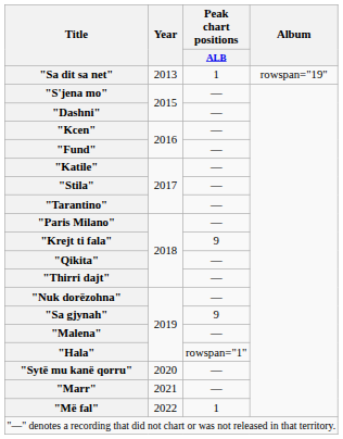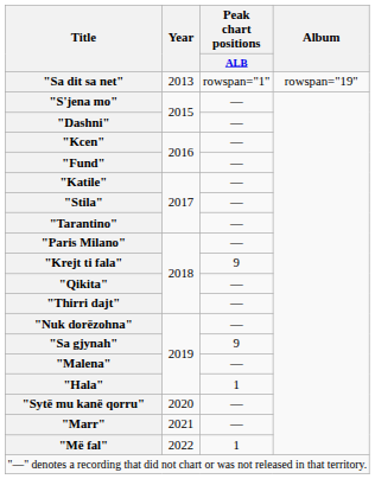 <table class="wikitable plainrowheaders" style="text-align:center;">
 <tr>
 <th scope="col" rowspan="2">Title</th>
 <th scope="col" rowspan="2">Year</th>
 <th scope="col" colspan="1">Peak<br>chart<br>positions</th>
 <th scope="col" rowspan="2">Album</th>
 </tr>
 <tr>
 <th style="width:3em; font-size:85%;"><a href='#'>ALB</a><br></th>
 </tr>
 <tr>
 <th scope="row">"Sa dit sa net"<br></th>
 <td>2013</td>
-<td>1</td>
+<td>rowspan="1" </td>
 <td>rowspan="19" </td>
 </tr>
 <tr>
 <th scope="row">"S'jena mo"<br></th>
 <td rowspan="2">2015</td>
 <td>—</td>
 </tr>
 <tr>
 <th scope="row">"Dashni"</th>
 <td>—</td>
 </tr>
 <tr>
 <th scope="row">"Kcen"</th>
 <td rowspan="2">2016</td>
 <td>—</td>
 </tr>
 <tr>
 <th scope="row">"Fund"</th>
 <td>—</td>
 </tr>
 <tr>
 <th scope="row">"Katile"</th>
 <td rowspan="3">2017</td>
 <td>—</td>
 </tr>
 <tr>
 <th scope="row">"Stila"</th>
 <td>—</td>
 </tr>
 <tr>
 <th scope="row">"Tarantino"</th>
 <td>—</td>
 </tr>
 <tr>
 <th scope="row">"Paris Milano"<br></th>
 <td rowspan="4">2018</td>
 <td>—</td>
 </tr>
 <tr>
 <th scope="row">"Krejt ti fala"<br></th>
 <td>9</td>
 </tr>
 <tr>
 <th scope="row">"Qikita"</th>
 <td>—</td>
 </tr>
 <tr>
 <th scope="row">"Thirri dajt"<br></th>
 <td>—</td>
 </tr>
 <tr>
 <th scope="row">"Nuk dorëzohna"</th>
 <td rowspan="4">2019</td>
 <td>—</td>
 </tr>
 <tr>
 <th scope="row">"Sa gjynah"<br></th>
 <td>9</td>
 </tr>
 <tr>
 <th scope="row">"Malena"<br></th>
 <td>—</td>
 </tr>
 <tr>
 <th scope="row">"Hala"<br></th>
-<td>rowspan="1" </td>
+<td>1</td>
 </tr>
 <tr>
 <th scope="row">"Sytë mu kanë qorru"</th>
 <td>2020</td>
 <td>—</td>
 </tr>
 <tr>
 <th scope="row">"Marr"<br></th>
 <td>2021</td>
 <td>—</td>
 </tr>
 <tr>
 <th scope="row">"Më fal"<br></th>
 <td>2022</td>
 <td>1</td>
 </tr>
 <tr>
 <td colspan="11" style="font-size:90%">"—" denotes a recording that did not chart or was not released in that territory.</td>
 </tr>
 </table>
